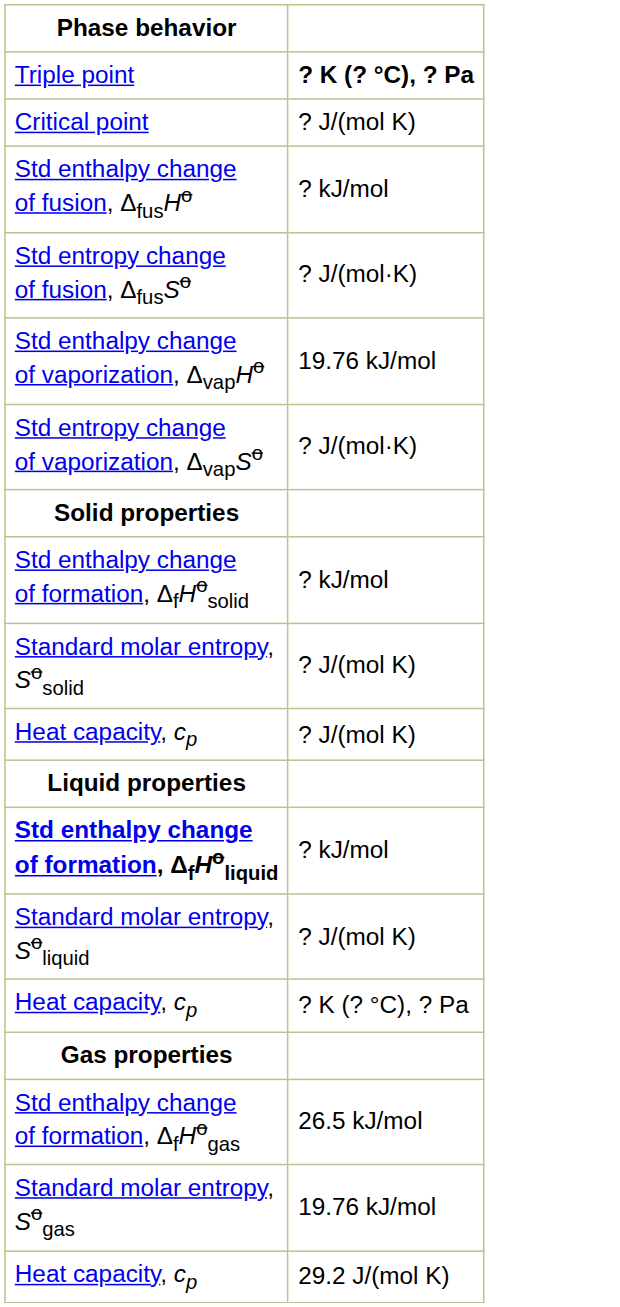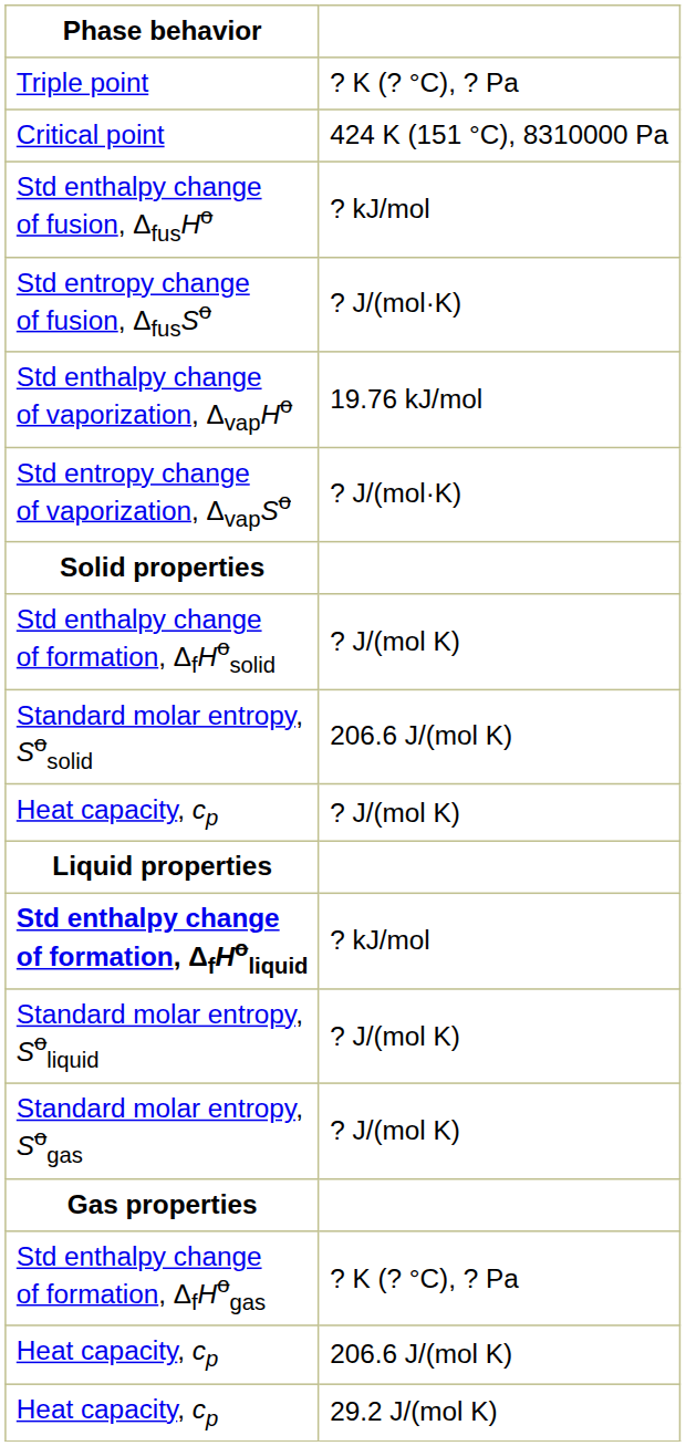 <table border="1" cellspacing="0" cellpadding="6" style="margin: 0 0 0 0.5em; background: #FFFFFF; border-collapse: collapse; border-color: #C0C090;">
 <tr>
 <th>Phase behavior</th>
 </tr>
 <tr>
 <td><a href='#'>Triple point</a></td>
-<td><strong>? K (? °C), ? Pa</strong></td>
+<td>? K (? °C), ? Pa</td>
 </tr>
 <tr>
 <td><a href='#'>Critical point</a></td>
-<td>? J/(mol K)</td>
+<td>424 K (151 °C), 8310000 Pa</td>
 </tr>
 <tr>
 <td><a href='#'>Std enthalpy change<br>of fusion</a>, Δ<sub>fus</sub><em>H</em><sup><s>o</s></sup></td>
 <td>? kJ/mol</td>
 </tr>
 <tr>
 <td><a href='#'>Std entropy change<br>of fusion</a>, Δ<sub>fus</sub><em>S</em><sup><s>o</s></sup></td>
 <td>? J/(mol·K)</td>
 </tr>
 <tr>
 <td><a href='#'>Std enthalpy change<br>of vaporization</a>, Δ<sub>vap</sub><em>H</em><sup><s>o</s></sup></td>
 <td>19.76 kJ/mol</td>
 </tr>
 <tr>
 <td><a href='#'>Std entropy change<br>of vaporization</a>, Δ<sub>vap</sub><em>S</em><sup><s>o</s></sup></td>
 <td>? J/(mol·K)</td>
 </tr>
 <tr>
 <th>Solid properties</th>
 </tr>
 <tr>
 <td><a href='#'>Std enthalpy change<br>of formation</a>, Δ<sub>f</sub><em>H</em><sup><s>o</s></sup><sub>solid</sub></td>
-<td>? kJ/mol</td>
+<td>? J/(mol K)</td>
 </tr>
 <tr>
 <td><a href='#'>Standard molar entropy</a>,<br><em>S</em><sup><s>o</s></sup><sub>solid</sub></td>
-<td>? J/(mol K)</td>
+<td>206.6 J/(mol K)</td>
 </tr>
 <tr>
 <td><a href='#'>Heat capacity</a>, <em>c<sub>p</sub></em></td>
 <td>? J/(mol K)</td>
 </tr>
 <tr>
 <th>Liquid properties</th>
 </tr>
 <tr>
 <td><strong><a href='#'>Std enthalpy change<br>of formation</a>, Δ<sub>f</sub><em>H</em><sup><s>o</s></sup><sub>liquid</sub></strong></td>
 <td>? kJ/mol</td>
 </tr>
 <tr>
 <td><a href='#'>Standard molar entropy</a>,<br><em>S</em><sup><s>o</s></sup><sub>liquid</sub></td>
 <td>? J/(mol K)</td>
 </tr>
 <tr>
-<td><a href='#'>Heat capacity</a>, <em>c<sub>p</sub></em></td>
-<td>? K (? °C), ? Pa</td>
+<td><a href='#'>Standard molar entropy</a>,<br><em>S</em><sup><s>o</s></sup><sub>gas</sub></td>
+<td>? J/(mol K)</td>
 </tr>
 <tr>
 <th>Gas properties</th>
 </tr>
 <tr>
 <td><a href='#'>Std enthalpy change<br>of formation</a>, Δ<sub>f</sub><em>H</em><sup><s>o</s></sup><sub>gas</sub></td>
-<td>26.5 kJ/mol</td>
+<td>? K (? °C), ? Pa</td>
 </tr>
 <tr>
-<td><a href='#'>Standard molar entropy</a>,<br><em>S</em><sup><s>o</s></sup><sub>gas</sub></td>
-<td>19.76 kJ/mol</td>
+<td><a href='#'>Heat capacity</a>, <em>c<sub>p</sub></em></td>
+<td>206.6 J/(mol K)</td>
 </tr>
 <tr>
 <td><a href='#'>Heat capacity</a>, <em>c<sub>p</sub></em></td>
 <td>29.2 J/(mol K)</td>
 </tr>
 <tr>
 </tr>
 </table>
